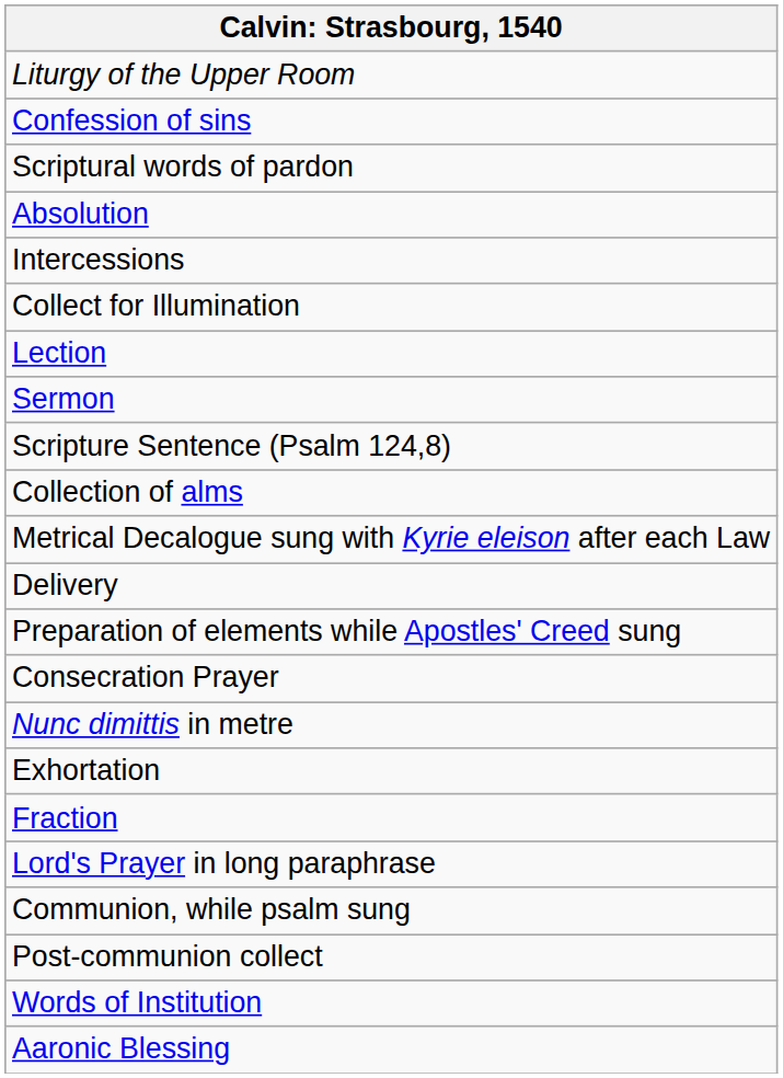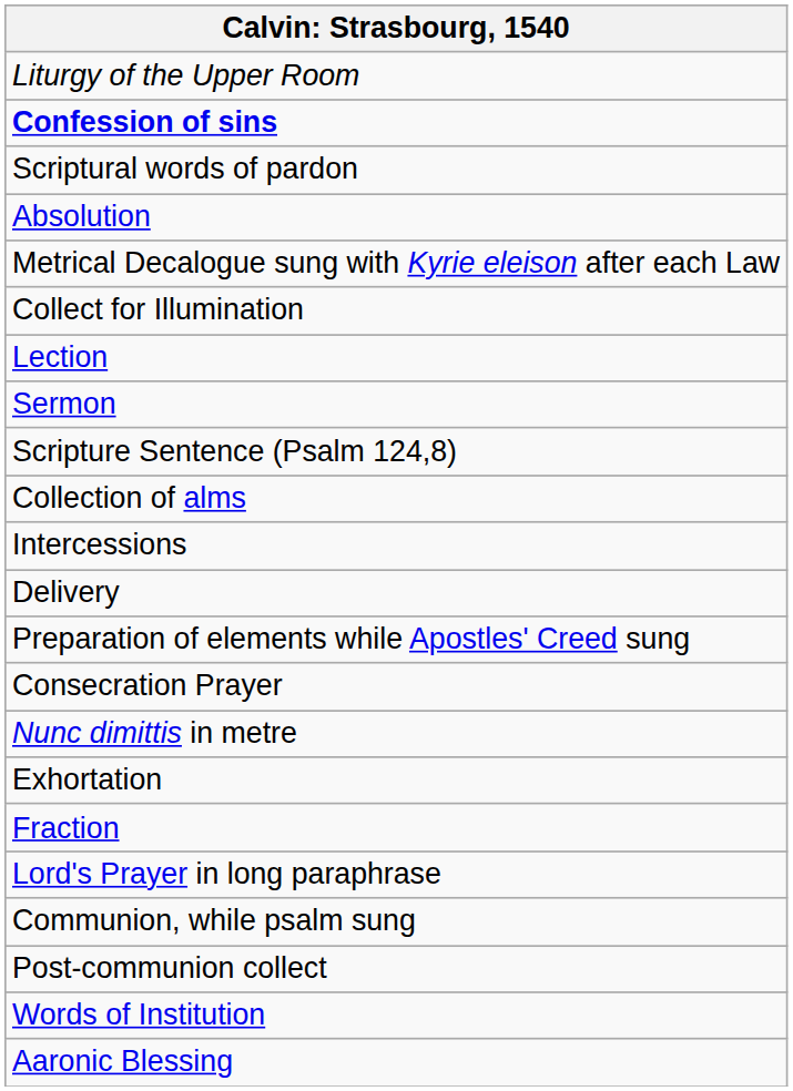 <table class="wikitable">
 <tr>
 <th>Calvin: Strasbourg, 1540</th>
 </tr>
 <tr>
 <td><em>Liturgy of the Upper Room</em></td>
 </tr>
 <tr>
-<td><a href='#'>Confession of sins</a></td>
+<td><strong><a href='#'>Confession of sins</a></strong></td>
 </tr>
 <tr>
 <td>Scriptural words of pardon</td>
 </tr>
 <tr>
 <td><a href='#'>Absolution</a></td>
 </tr>
 <tr>
-<td>Intercessions</td>
+<td>Metrical Decalogue sung with <em><a href='#'>Kyrie eleison</a></em> after each Law</td>
 </tr>
 <tr>
 <td>Collect for Illumination</td>
 </tr>
 <tr>
 <td><a href='#'>Lection</a></td>
 </tr>
 <tr>
 <td><a href='#'>Sermon</a></td>
 </tr>
 <tr>
 <td>Scripture Sentence (Psalm 124,8)</td>
 </tr>
 <tr>
 <td>Collection of <a href='#'>alms</a></td>
 </tr>
 <tr>
-<td>Metrical Decalogue sung with <em><a href='#'>Kyrie eleison</a></em> after each Law</td>
+<td>Intercessions</td>
 </tr>
 <tr>
 <td>Delivery</td>
 </tr>
 <tr>
 <td>Preparation of elements while <a href='#'>Apostles' Creed</a> sung</td>
 </tr>
 <tr>
 <td>Consecration Prayer</td>
 </tr>
 <tr>
 <td><em><a href='#'>Nunc dimittis</a></em> in metre</td>
 </tr>
 <tr>
 <td>Exhortation</td>
 </tr>
 <tr>
 <td><a href='#'>Fraction</a></td>
 </tr>
 <tr>
 <td><a href='#'>Lord's Prayer</a> in long paraphrase</td>
 </tr>
 <tr>
 <td>Communion, while psalm sung</td>
 </tr>
 <tr>
 <td>Post-communion collect</td>
 </tr>
 <tr>
 <td><a href='#'>Words of Institution</a></td>
 </tr>
 <tr>
 <td><a href='#'>Aaronic Blessing</a></td>
 </tr>
 </table>
